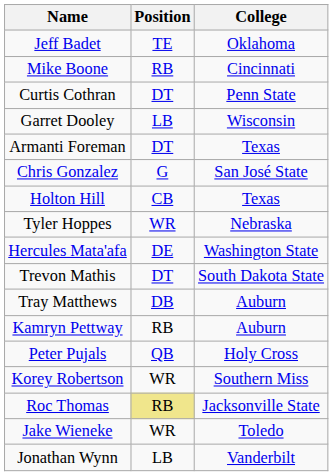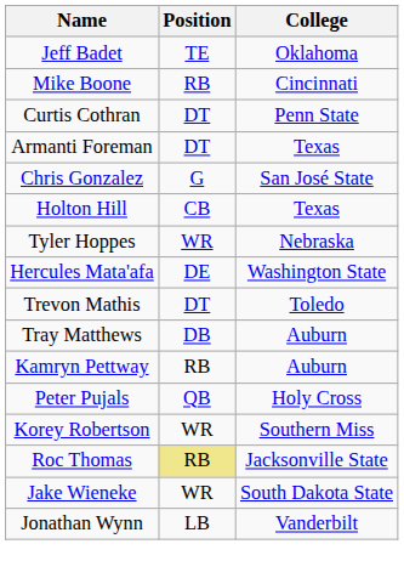 <table class="wikitable" style="text-align:center">
 <tr>
 <th>Name</th>
 <th>Position</th>
 <th>College</th>
 </tr>
 <tr>
 <td><a href='#'>Jeff Badet</a></td>
 <td><a href='#'>TE</a></td>
 <td><a href='#'>Oklahoma</a></td>
 </tr>
 <tr>
 <td><a href='#'>Mike Boone</a></td>
 <td><a href='#'>RB</a></td>
 <td><a href='#'>Cincinnati</a></td>
 </tr>
 <tr>
 <td>Curtis Cothran</td>
 <td><a href='#'>DT</a></td>
 <td><a href='#'>Penn State</a></td>
-</tr>
-<tr>
-<td>Garret Dooley</td>
-<td><a href='#'>LB</a></td>
-<td><a href='#'>Wisconsin</a></td>
 </tr>
 <tr>
 <td>Armanti Foreman</td>
 <td><a href='#'>DT</a></td>
 <td><a href='#'>Texas</a></td>
 </tr>
 <tr>
 <td><a href='#'>Chris Gonzalez</a></td>
 <td><a href='#'>G</a></td>
 <td><a href='#'>San José State</a></td>
 </tr>
 <tr>
 <td><a href='#'>Holton Hill</a></td>
 <td><a href='#'>CB</a></td>
 <td><a href='#'>Texas</a></td>
 </tr>
 <tr>
 <td>Tyler Hoppes</td>
 <td><a href='#'>WR</a></td>
 <td><a href='#'>Nebraska</a></td>
 </tr>
 <tr>
 <td><a href='#'>Hercules Mata'afa</a></td>
 <td><a href='#'>DE</a></td>
 <td><a href='#'>Washington State</a></td>
 </tr>
 <tr>
 <td>Trevon Mathis</td>
 <td><a href='#'>DT</a></td>
-<td><a href='#'>South Dakota State</a></td>
+<td><a href='#'>Toledo</a></td>
 </tr>
 <tr>
 <td>Tray Matthews</td>
 <td><a href='#'>DB</a></td>
 <td><a href='#'>Auburn</a></td>
 </tr>
 <tr>
 <td><a href='#'>Kamryn Pettway</a></td>
 <td>RB</td>
 <td><a href='#'>Auburn</a></td>
 </tr>
 <tr>
 <td><a href='#'>Peter Pujals</a></td>
 <td><a href='#'>QB</a></td>
 <td><a href='#'>Holy Cross</a></td>
 </tr>
 <tr>
 <td><a href='#'>Korey Robertson</a></td>
 <td>WR</td>
 <td><a href='#'>Southern Miss</a></td>
 </tr>
 <tr>
 <td><a href='#'>Roc Thomas</a></td>
 <td style="background: khaki;">RB</td>
 <td><a href='#'>Jacksonville State</a></td>
 </tr>
 <tr>
 <td><a href='#'>Jake Wieneke</a></td>
 <td>WR</td>
-<td><a href='#'>Toledo</a></td>
+<td><a href='#'>South Dakota State</a></td>
 </tr>
 <tr>
 <td>Jonathan Wynn</td>
 <td>LB</td>
 <td><a href='#'>Vanderbilt</a></td>
 </tr>
 </table>
